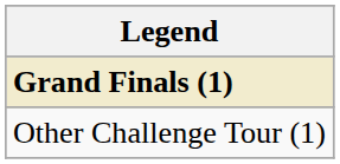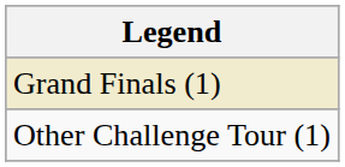 <table class="wikitable" style="font-size:95%;">
 <tr>
 <th>Legend</th>
 </tr>
 <tr style="background:#f2ecce;">
-<td><strong>Grand Finals (1)</strong></td>
+<td>Grand Finals (1)</td>
 </tr>
 <tr>
 <td>Other Challenge Tour (1)</td>
 </tr>
 </table>
